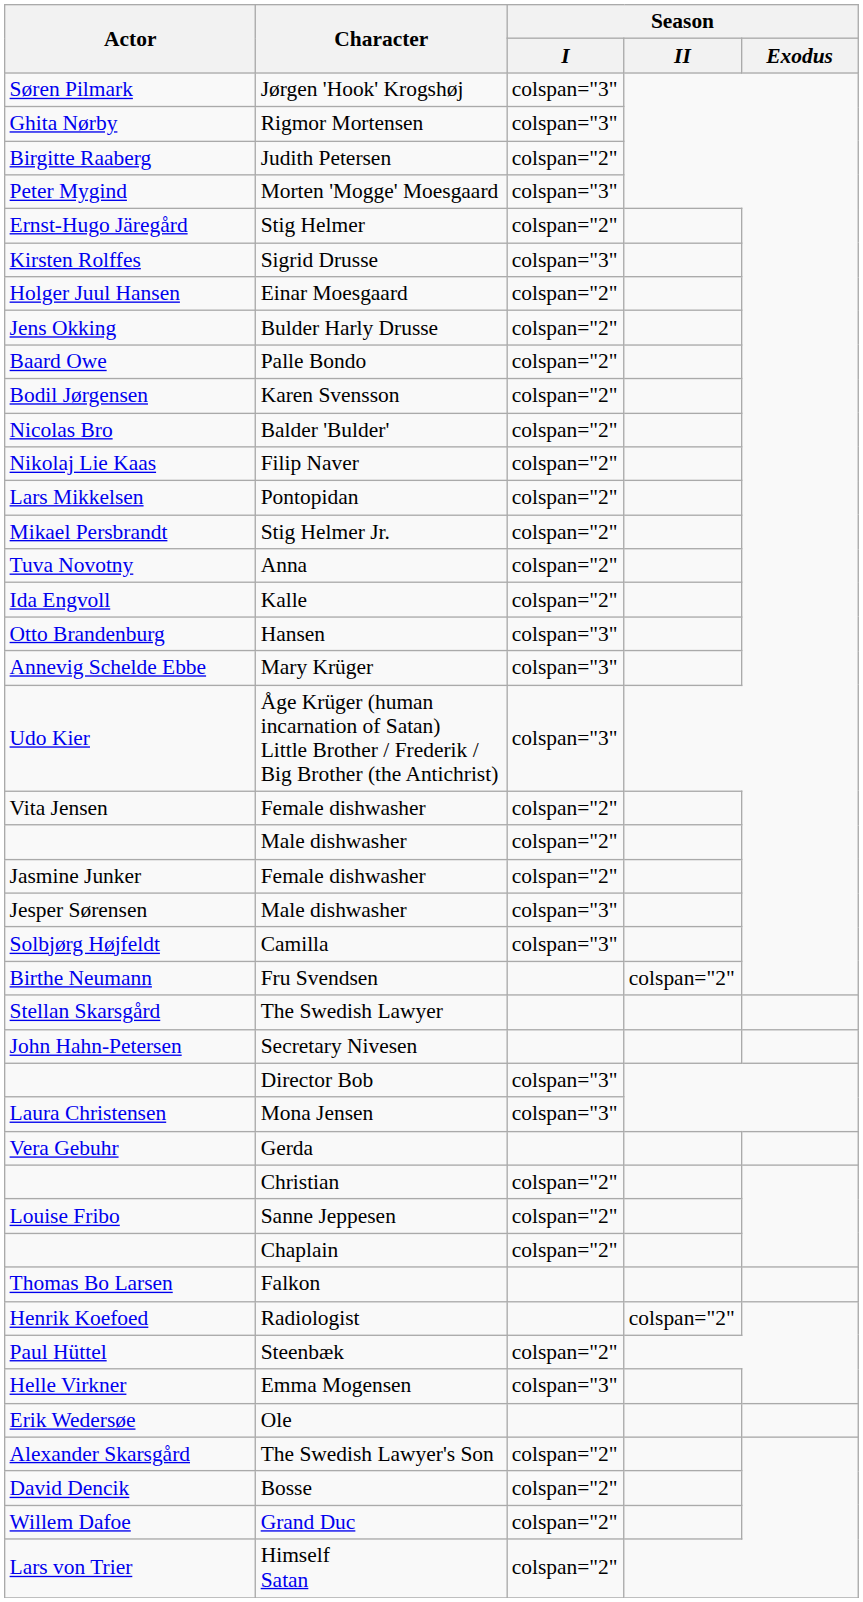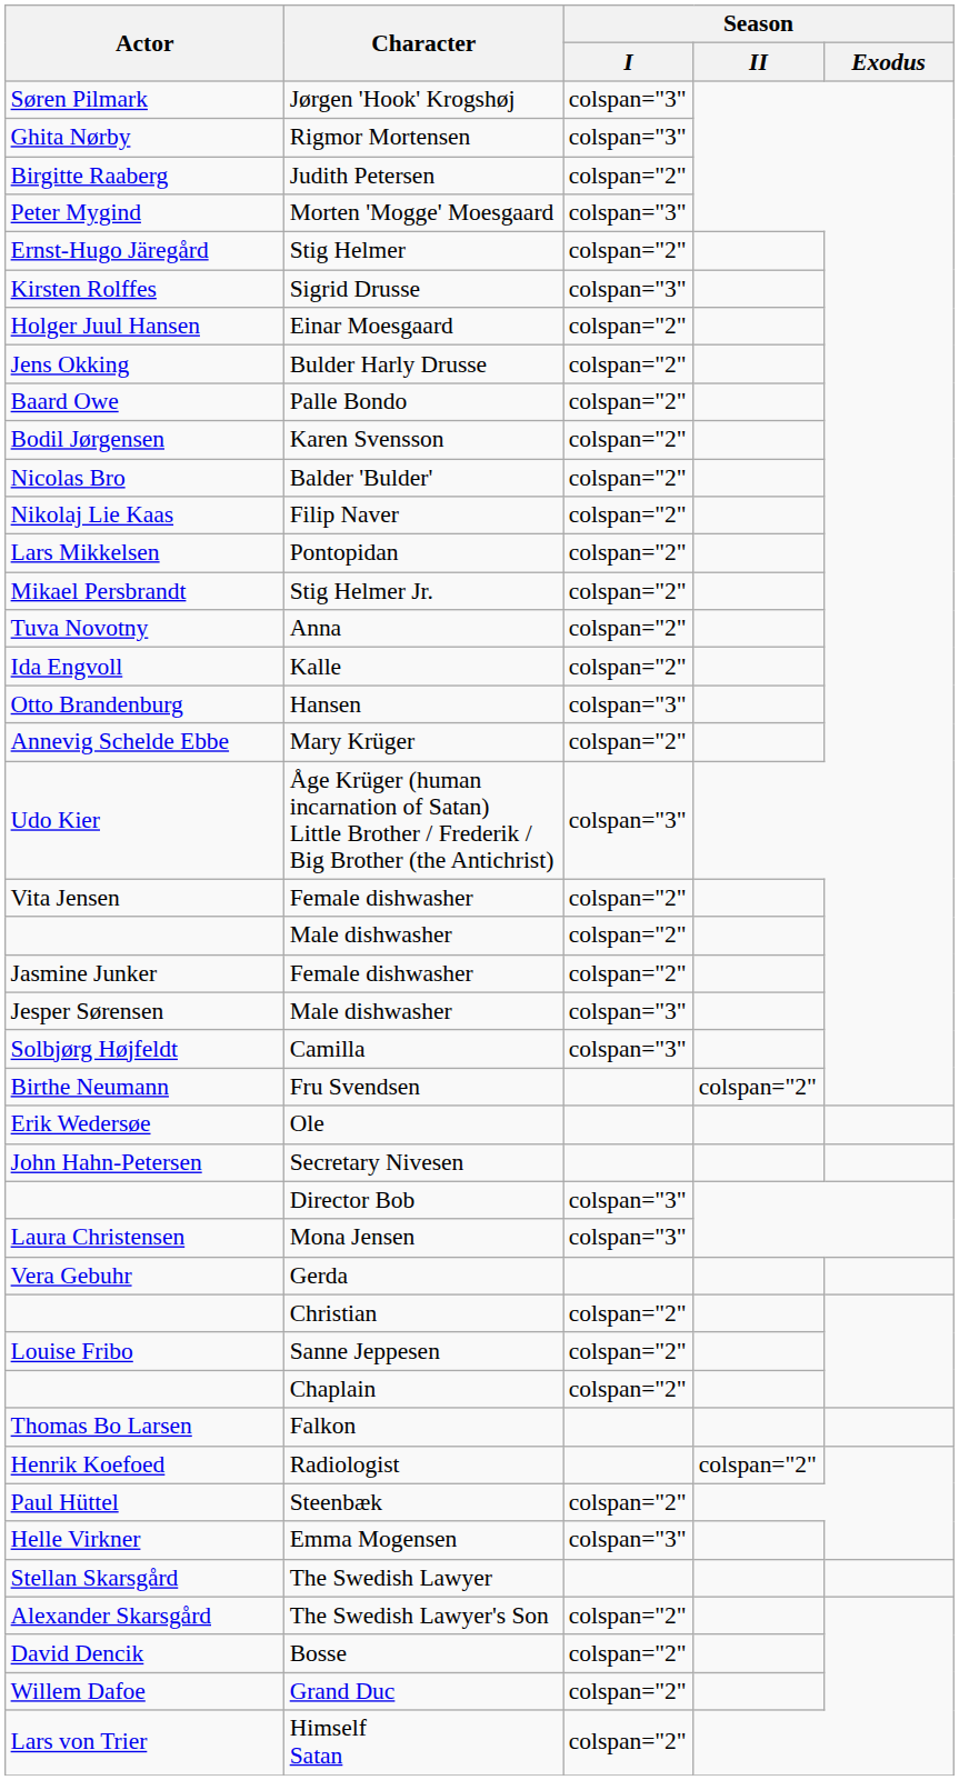 <table class="wikitable plainrowheaders">
 <tr>
 <th rowspan="2" style="width:180px;">Actor</th>
 <th rowspan="2" style="width:180px;">Character</th>
 <th colspan="3">Season</th>
 </tr>
 <tr>
 <th style="width:80px;"><em>I</em></th>
 <th style="width:80px;"><em>II</em></th>
 <th style="width:80px;"><em>Exodus</em></th>
 </tr>
 <tr>
 <td><a href='#'>Søren Pilmark</a></td>
 <td>Jørgen 'Hook' Krogshøj</td>
 <td>colspan="3" </td>
 </tr>
 <tr>
 <td><a href='#'>Ghita Nørby</a></td>
 <td>Rigmor Mortensen</td>
 <td>colspan="3" </td>
 </tr>
 <tr>
 <td><a href='#'>Birgitte Raaberg</a></td>
 <td>Judith Petersen</td>
 <td>colspan="2" </td>
 </tr>
 <tr>
 <td><a href='#'>Peter Mygind</a></td>
 <td>Morten 'Mogge' Moesgaard</td>
 <td>colspan="3" </td>
 </tr>
 <tr>
 <td><a href='#'>Ernst-Hugo Järegård</a></td>
 <td>Stig Helmer</td>
 <td>colspan="2" </td>
 <td></td>
 </tr>
 <tr>
 <td><a href='#'>Kirsten Rolffes</a></td>
 <td>Sigrid Drusse</td>
 <td>colspan="3" </td>
 <td></td>
 </tr>
 <tr>
 <td><a href='#'>Holger Juul Hansen</a></td>
 <td>Einar Moesgaard</td>
 <td>colspan="2" </td>
 <td></td>
 </tr>
 <tr>
 <td><a href='#'>Jens Okking</a></td>
 <td>Bulder Harly Drusse</td>
 <td>colspan="2" </td>
 <td></td>
 </tr>
 <tr>
 <td><a href='#'>Baard Owe</a></td>
 <td>Palle Bondo</td>
 <td>colspan="2" </td>
 <td></td>
 </tr>
 <tr>
 <td><a href='#'>Bodil Jørgensen</a></td>
 <td>Karen Svensson</td>
 <td>colspan="2" </td>
 <td></td>
 </tr>
 <tr>
 <td><a href='#'>Nicolas Bro</a></td>
 <td>Balder 'Bulder'</td>
 <td>colspan="2" </td>
 <td></td>
 </tr>
 <tr>
 <td><a href='#'>Nikolaj Lie Kaas</a></td>
 <td>Filip Naver</td>
 <td>colspan="2" </td>
 <td></td>
 </tr>
 <tr>
 <td><a href='#'>Lars Mikkelsen</a></td>
 <td>Pontopidan</td>
 <td>colspan="2" </td>
 <td></td>
 </tr>
 <tr>
 <td><a href='#'>Mikael Persbrandt</a></td>
 <td>Stig Helmer Jr.</td>
 <td>colspan="2" </td>
 <td></td>
 </tr>
 <tr>
 <td><a href='#'>Tuva Novotny</a></td>
 <td>Anna</td>
 <td>colspan="2" </td>
 <td></td>
 </tr>
 <tr>
 <td><a href='#'>Ida Engvoll</a></td>
 <td>Kalle</td>
 <td>colspan="2" </td>
 <td></td>
 </tr>
 <tr>
 <td><a href='#'>Otto Brandenburg</a></td>
 <td>Hansen</td>
 <td>colspan="3" </td>
 <td></td>
 </tr>
 <tr>
 <td><a href='#'>Annevig Schelde Ebbe</a></td>
 <td>Mary Krüger</td>
-<td>colspan="3" </td>
+<td>colspan="2" </td>
 <td></td>
 </tr>
 <tr>
 <td><a href='#'>Udo Kier</a></td>
 <td>Åge Krüger (human incarnation of Satan)<br>Little Brother / Frederik / Big Brother  (the Antichrist)</td>
 <td>colspan="3" </td>
 </tr>
 <tr>
 <td>Vita Jensen</td>
 <td>Female dishwasher</td>
 <td>colspan="2" </td>
 <td></td>
 </tr>
 <tr>
 <td></td>
 <td>Male dishwasher</td>
 <td>colspan="2" </td>
 <td></td>
 </tr>
 <tr>
 <td>Jasmine Junker</td>
 <td>Female dishwasher</td>
 <td>colspan="2" </td>
 <td></td>
 </tr>
 <tr>
 <td>Jesper Sørensen</td>
 <td>Male dishwasher</td>
 <td>colspan="3" </td>
 <td></td>
 </tr>
 <tr>
 <td><a href='#'>Solbjørg Højfeldt</a></td>
 <td>Camilla</td>
 <td>colspan="3" </td>
 <td></td>
 </tr>
 <tr>
 <td><a href='#'>Birthe Neumann</a></td>
 <td>Fru Svendsen</td>
 <td></td>
 <td>colspan="2" </td>
 </tr>
 <tr>
-<td><a href='#'>Stellan Skarsgård</a></td>
-<td>The Swedish Lawyer</td>
+<td><a href='#'>Erik Wedersøe</a></td>
+<td>Ole</td>
 <td></td>
 <td></td>
 <td></td>
 </tr>
 <tr>
 <td><a href='#'>John Hahn-Petersen</a></td>
 <td>Secretary Nivesen</td>
 <td></td>
 <td></td>
 <td></td>
 </tr>
 <tr>
 <td></td>
 <td>Director Bob</td>
 <td>colspan="3" </td>
 </tr>
 <tr>
 <td><a href='#'>Laura Christensen</a></td>
 <td>Mona Jensen</td>
 <td>colspan="3" </td>
 </tr>
 <tr>
 <td><a href='#'>Vera Gebuhr</a></td>
 <td>Gerda</td>
 <td></td>
 <td></td>
 <td></td>
 </tr>
 <tr>
 <td></td>
 <td>Christian</td>
 <td>colspan="2" </td>
 <td></td>
 </tr>
 <tr>
 <td><a href='#'>Louise Fribo</a></td>
 <td>Sanne Jeppesen</td>
 <td>colspan="2" </td>
 <td></td>
 </tr>
 <tr>
 <td></td>
 <td>Chaplain</td>
 <td>colspan="2" </td>
 <td></td>
 </tr>
 <tr>
 <td><a href='#'>Thomas Bo Larsen</a></td>
 <td>Falkon</td>
 <td></td>
 <td></td>
 <td></td>
 </tr>
 <tr>
 <td><a href='#'>Henrik Koefoed</a></td>
 <td>Radiologist</td>
 <td></td>
 <td>colspan="2" </td>
 </tr>
 <tr>
 <td><a href='#'>Paul Hüttel</a></td>
 <td>Steenbæk</td>
 <td>colspan="2" </td>
 </tr>
 <tr>
 <td><a href='#'>Helle Virkner</a></td>
 <td>Emma Mogensen</td>
 <td>colspan="3" </td>
 <td></td>
 </tr>
 <tr>
-<td><a href='#'>Erik Wedersøe</a></td>
-<td>Ole</td>
+<td><a href='#'>Stellan Skarsgård</a></td>
+<td>The Swedish Lawyer</td>
 <td></td>
 <td></td>
 <td></td>
 </tr>
 <tr>
 <td><a href='#'>Alexander Skarsgård</a></td>
 <td>The Swedish Lawyer's Son</td>
 <td>colspan="2" </td>
 <td></td>
 </tr>
 <tr>
 <td><a href='#'>David Dencik</a></td>
 <td>Bosse</td>
 <td>colspan="2" </td>
 <td></td>
 </tr>
 <tr>
 <td><a href='#'>Willem Dafoe</a></td>
 <td><a href='#'>Grand Duc</a></td>
 <td>colspan="2" </td>
 <td></td>
 </tr>
 <tr>
 <td><a href='#'>Lars von Trier</a></td>
 <td>Himself<br><a href='#'>Satan</a></td>
 <td>colspan="2" </td>
 </tr>
 </table>
